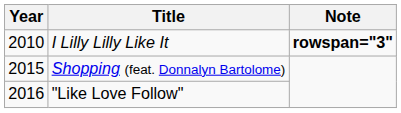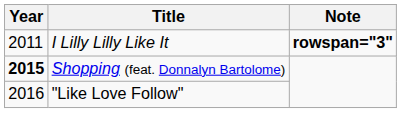 <table class="wikitable sortable">
 <tr>
 <th>Year</th>
 <th>Title</th>
 <th>Note</th>
 </tr>
 <tr>
-<td>2010</td>
+<td>2011</td>
 <td><em>I Lilly Lilly Like It</em></td>
 <td><strong>rowspan="3" </strong></td>
 </tr>
 <tr>
-<td>2015</td>
+<td><strong>2015</strong></td>
 <td><em><a href='#'>Shopping</a></em> <small> (feat. <a href='#'>Donnalyn Bartolome</a>) </small></td>
 </tr>
 <tr>
 <td>2016</td>
 <td>"Like Love Follow"</td>
 </tr>
 </table>
